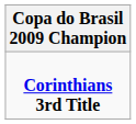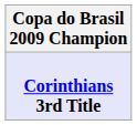 <table class="wikitable" style="text-align: center; margin: 0 auto;">
 <tr>
 <th>Copa do Brasil<br>2009 Champion</th>
 </tr>
 <tr>
-<td><br><strong><a href='#'>Corinthians</a></strong><br><strong>3rd Title</strong></td>
+<td style="background: lavender;"><br><strong><a href='#'>Corinthians</a></strong><br><strong>3rd Title</strong></td>
 </tr>
 </table>
